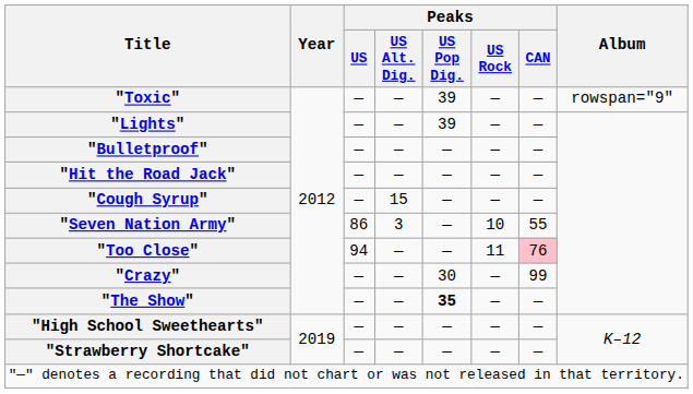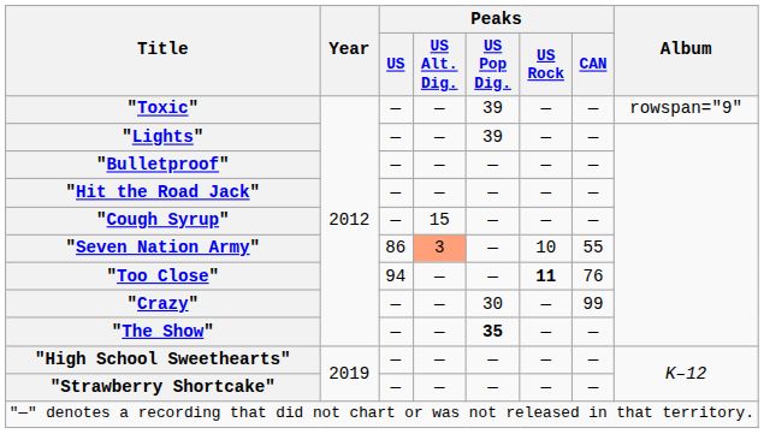 <table class="wikitable plainrowheaders" style="text-align:center;">
 <tr>
 <th scope="col" rowspan="2">Title</th>
 <th scope="col" rowspan="2">Year</th>
 <th scope="col" colspan="5">Peaks</th>
 <th scope="col" rowspan="2">Album</th>
 </tr>
 <tr>
 <th scope="col" style="width:3rm;font-size:90%;"><a href='#'>US</a><br></th>
 <th scope="col" style="width:3em;font-size:90%;"><a href='#'>US<br>Alt.<br>Dig.</a><br></th>
 <th scope="col" style="width:3em;font-size:90%;"><a href='#'>US<br>Pop<br>Dig.</a><br></th>
 <th scope="col" style="width:3rm;font-size:90%;"><a href='#'>US<br>Rock</a><br></th>
 <th scope="col" style="width:3rm;font-size:90%;"><a href='#'>CAN</a><br></th>
 </tr>
 <tr>
 <th scope="row">"<a href='#'>Toxic</a>" </th>
 <td rowspan="9">2012</td>
 <td>—</td>
 <td>—</td>
 <td>39</td>
 <td>—</td>
 <td>—</td>
 <td>rowspan="9" </td>
 </tr>
 <tr>
 <th scope="row">"<a href='#'>Lights</a>" </th>
 <td>—</td>
 <td>—</td>
 <td>39</td>
 <td>—</td>
 <td>—</td>
 </tr>
 <tr>
 <th scope="row">"<a href='#'>Bulletproof</a>" </th>
 <td>—</td>
 <td>—</td>
 <td>—</td>
 <td>—</td>
 <td>—</td>
 </tr>
 <tr>
 <th scope="row">"<a href='#'>Hit the Road Jack</a>" </th>
 <td>—</td>
 <td>—</td>
 <td>—</td>
 <td>—</td>
 <td>—</td>
 </tr>
 <tr>
 <th scope="row">"<a href='#'>Cough Syrup</a>" </th>
 <td>—</td>
 <td>15</td>
 <td>—</td>
 <td>—</td>
 <td>—</td>
 </tr>
 <tr>
 <th scope="row">"<a href='#'>Seven Nation Army</a>" </th>
 <td>86</td>
-<td>3</td>
+<td style="background: lightsalmon;">3</td>
 <td>—</td>
 <td>10</td>
 <td>55</td>
 </tr>
 <tr>
 <th scope="row">"<a href='#'>Too Close</a>" </th>
 <td>94</td>
 <td>—</td>
 <td>—</td>
-<td>11</td>
-<td style="background: pink;">76</td>
+<td><strong>11</strong></td>
+<td>76</td>
 </tr>
 <tr>
 <th scope="row">"<a href='#'>Crazy</a>" </th>
 <td>—</td>
 <td>—</td>
 <td>30</td>
 <td>—</td>
 <td>99</td>
 </tr>
 <tr>
 <th scope="row">"<a href='#'>The Show</a>" </th>
 <td>—</td>
 <td>—</td>
 <td><strong>35</strong></td>
 <td>—</td>
 <td>—</td>
 </tr>
 <tr>
 <th scope="row">"High School Sweethearts"</th>
 <td rowspan=2>2019</td>
 <td>—</td>
 <td>—</td>
 <td>—</td>
 <td>—</td>
 <td>—</td>
 <td rowspan=2><em>K–12</em></td>
 </tr>
 <tr>
 <th scope="row">"Strawberry Shortcake"</th>
 <td>—</td>
 <td>—</td>
 <td>—</td>
 <td>—</td>
 <td>—</td>
 </tr>
 <tr>
 <td colspan="15" style="font-size:90%">"—" denotes a recording that did not chart or was not released in that territory.</td>
 </tr>
 </table>
